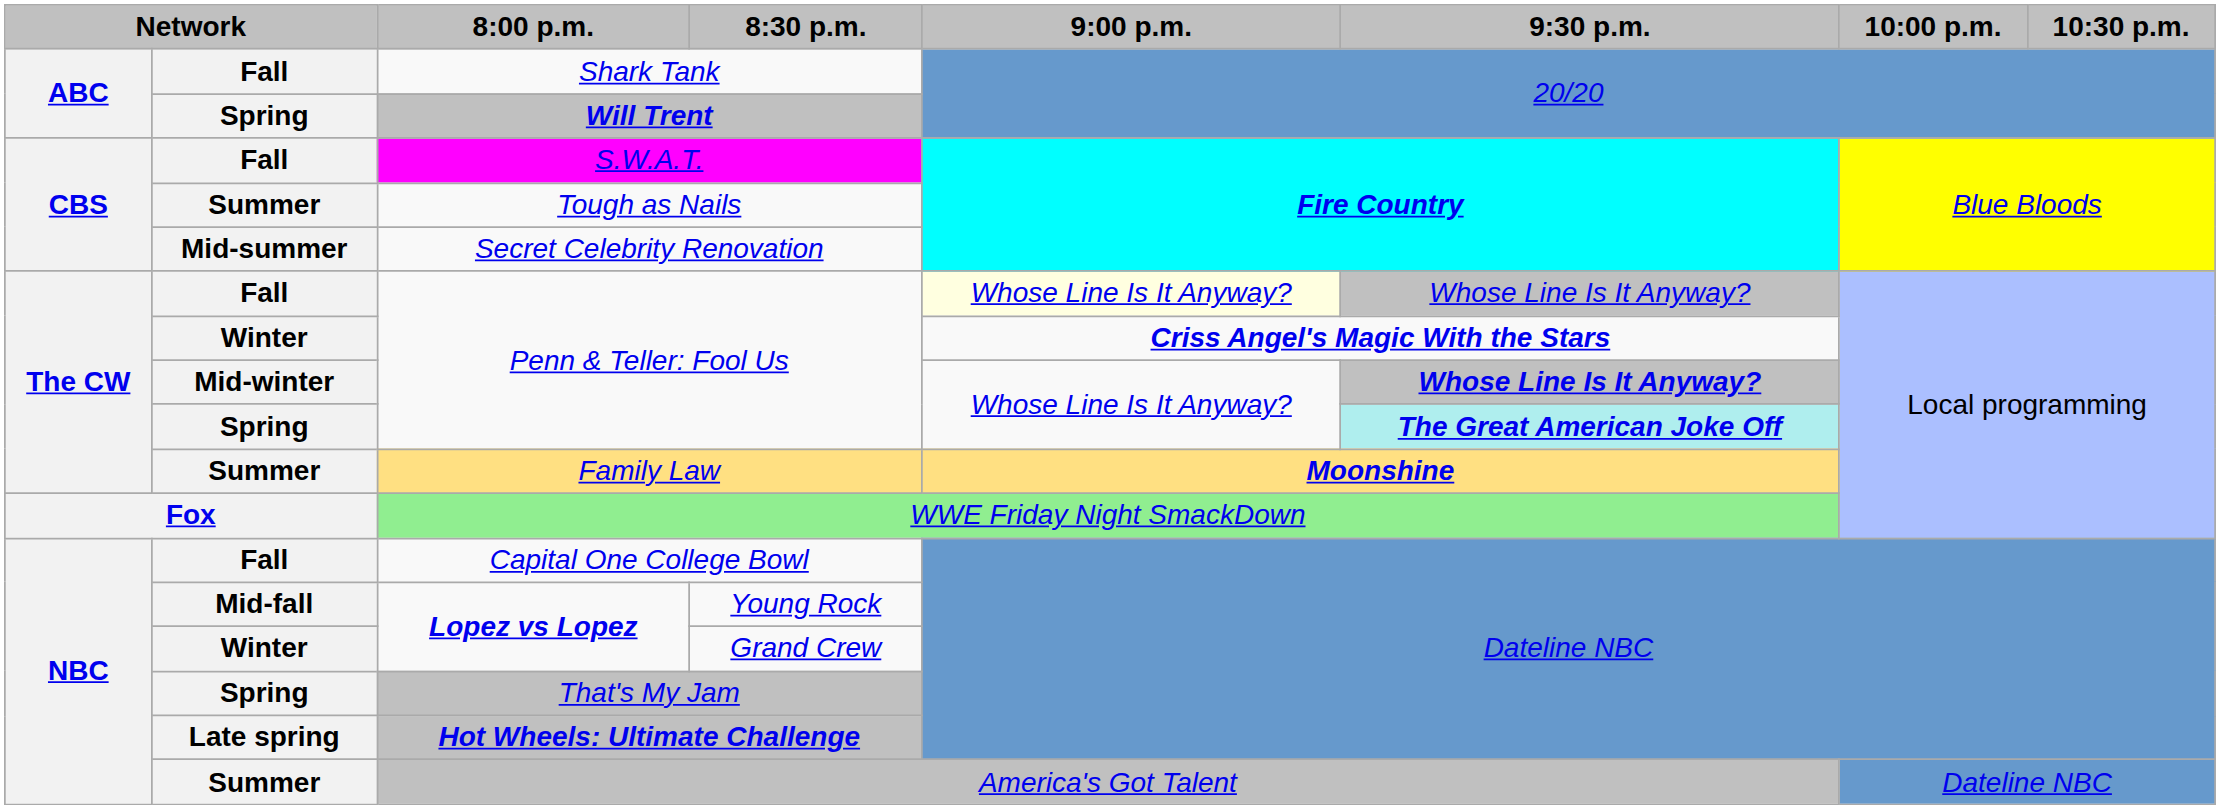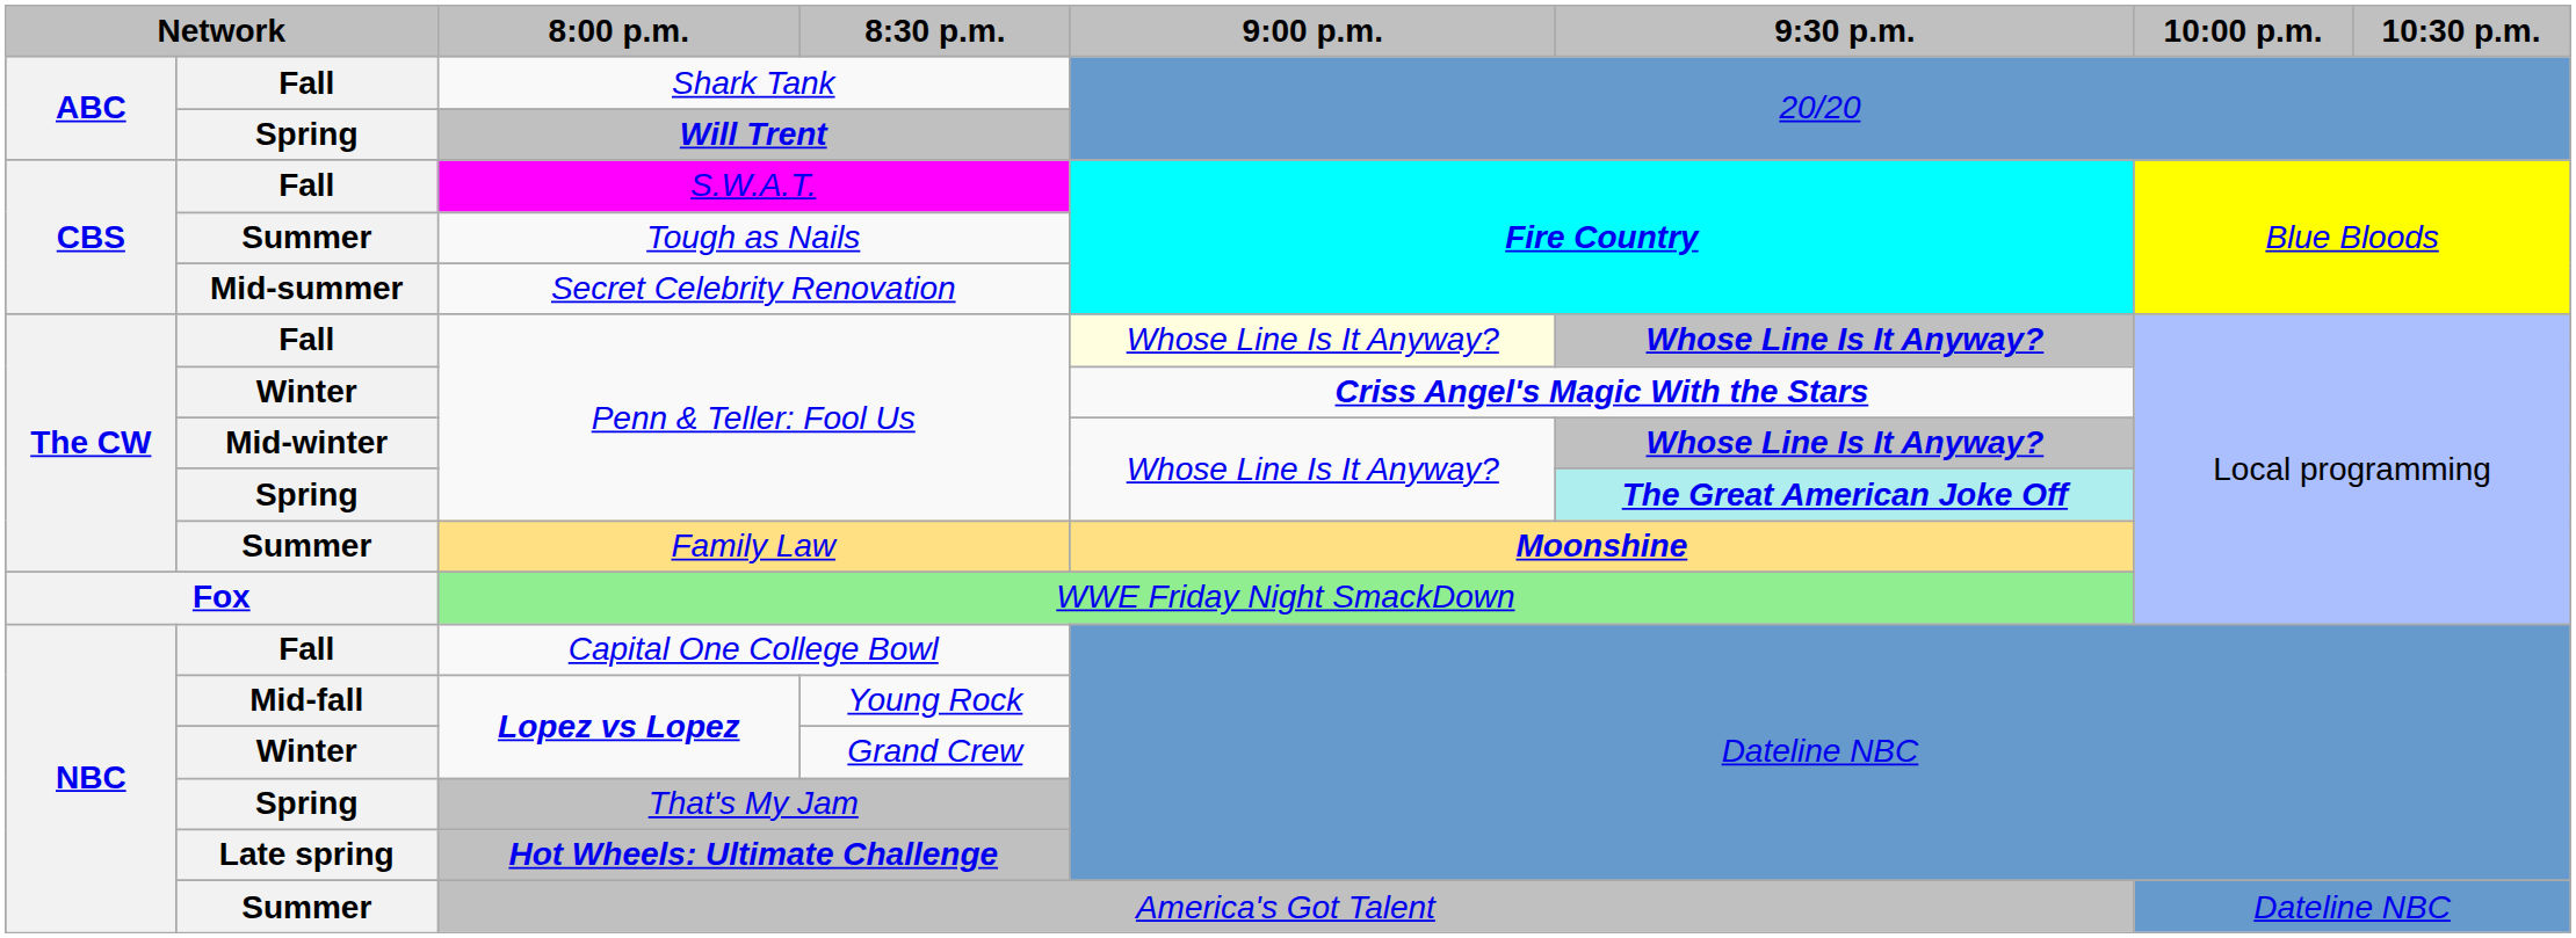 <table class="wikitable" style="width:100%;margin-right:0;text-align:center">
 <tr>
 <th colspan="2" style="background-color:#C0C0C0;text-align:center">Network</th>
 <th style="background-color:#C0C0C0;text-align:center">8:00 p.m.</th>
 <th style="background-color:#C0C0C0;text-align:center">8:30 p.m.</th>
 <th style="background-color:#C0C0C0;text-align:center">9:00 p.m.</th>
 <th style="background-color:#C0C0C0;text-align:center">9:30 p.m.</th>
 <th style="background-color:#C0C0C0;text-align:center">10:00 p.m.</th>
 <th style="background-color:#C0C0C0;text-align:center">10:30 p.m.</th>
 </tr>
 <tr>
 <th rowspan="2"><a href='#'>ABC</a></th>
 <th>Fall</th>
 <td colspan="2"><em><a href='#'>Shark Tank</a></em></td>
 <td rowspan="2" colspan="4" style="background:#6699CC;"><em><a href='#'>20/20</a></em></td>
 </tr>
 <tr>
 <th>Spring</th>
 <td colspan="2" style="background:#C0C0C0;"><strong><em><a href='#'>Will Trent</a></em></strong> </td>
 </tr>
 <tr>
 <th rowspan="3"><a href='#'>CBS</a></th>
 <th>Fall</th>
 <td colspan="2" style="background:magenta;"><em><a href='#'>S.W.A.T.</a></em> </td>
 <td rowspan="3" colspan="2" style="background:cyan;"><strong><em><a href='#'>Fire Country</a></em></strong> </td>
 <td rowspan="3" colspan="2" style="background:yellow;"><em><a href='#'>Blue Bloods</a></em> </td>
 </tr>
 <tr>
 <th>Summer</th>
 <td colspan="2"><em><a href='#'>Tough as Nails</a></em></td>
 </tr>
 <tr>
 <th>Mid-summer</th>
 <td colspan="2"><em><a href='#'>Secret Celebrity Renovation</a></em></td>
 </tr>
 <tr>
 <th rowspan="5"><a href='#'>The CW</a></th>
 <th>Fall</th>
 <td rowspan="4" colspan="2"><em><a href='#'>Penn & Teller: Fool Us</a></em></td>
 <td style="background: lightyellow;"><em><a href='#'>Whose Line Is It Anyway?</a></em></td>
-<td style="background:#C0C0C0;"><em><a href='#'>Whose Line Is It Anyway?</a></em> </td>
+<td style="background:#C0C0C0;"><strong><em><a href='#'>Whose Line Is It Anyway?</a></em> </strong></td>
 <td rowspan="6" colspan="2" style="background:#abbfff">Local programming</td>
 </tr>
 <tr>
 <th>Winter</th>
 <td colspan="2"><strong><em><a href='#'>Criss Angel's Magic With the Stars</a></em></strong></td>
 </tr>
 <tr>
 <th>Mid-winter</th>
 <td rowspan="2"><em><a href='#'>Whose Line Is It Anyway?</a></em></td>
 <td style="background:#C0C0C0;"><strong><em><a href='#'>Whose Line Is It Anyway?</a></em> </strong></td>
 </tr>
 <tr>
 <th>Spring</th>
 <td style="background: paleturquoise;"><strong><em><a href='#'>The Great American Joke Off</a></em></strong></td>
 </tr>
 <tr>
 <th>Summer</th>
 <td colspan="2" style="background:#FFE082"><em><a href='#'>Family Law</a></em></td>
 <td colspan="2" style="background:#FFE082"><strong><em><a href='#'>Moonshine</a></em></strong></td>
 </tr>
 <tr>
 <th colspan="2"><a href='#'>Fox</a></th>
 <td colspan="4" style="background:lightgreen"><em><a href='#'>WWE Friday Night SmackDown</a></em></td>
 </tr>
 <tr>
 <th rowspan="6"><a href='#'>NBC</a></th>
 <th>Fall</th>
 <td colspan="2"><em><a href='#'>Capital One College Bowl</a></em></td>
 <td rowspan="5" colspan="4" style="background:#6699CC;"><em><a href='#'>Dateline NBC</a></em></td>
 </tr>
 <tr>
 <th>Mid-fall</th>
 <td rowspan="2"><strong><em><a href='#'>Lopez vs Lopez</a></em></strong></td>
 <td><em><a href='#'>Young Rock</a></em></td>
 </tr>
 <tr>
 <th>Winter</th>
 <td><em><a href='#'>Grand Crew</a></em></td>
 </tr>
 <tr>
 <th>Spring</th>
 <td colspan="2" style="background:#C0C0C0;"><em><a href='#'>That's My Jam</a></em> </td>
 </tr>
 <tr>
 <th>Late spring</th>
 <td colspan="2" style="background:#C0C0C0;"><strong><em><a href='#'>Hot Wheels: Ultimate Challenge</a></em></strong> </td>
 </tr>
 <tr>
 <th>Summer</th>
 <td colspan="4" style="background:#C0C0C0;"><em><a href='#'>America's Got Talent</a></em> </td>
 <td colspan="2" style="background:#6699CC;"><em><a href='#'>Dateline NBC</a></em></td>
 </tr>
 </table>
